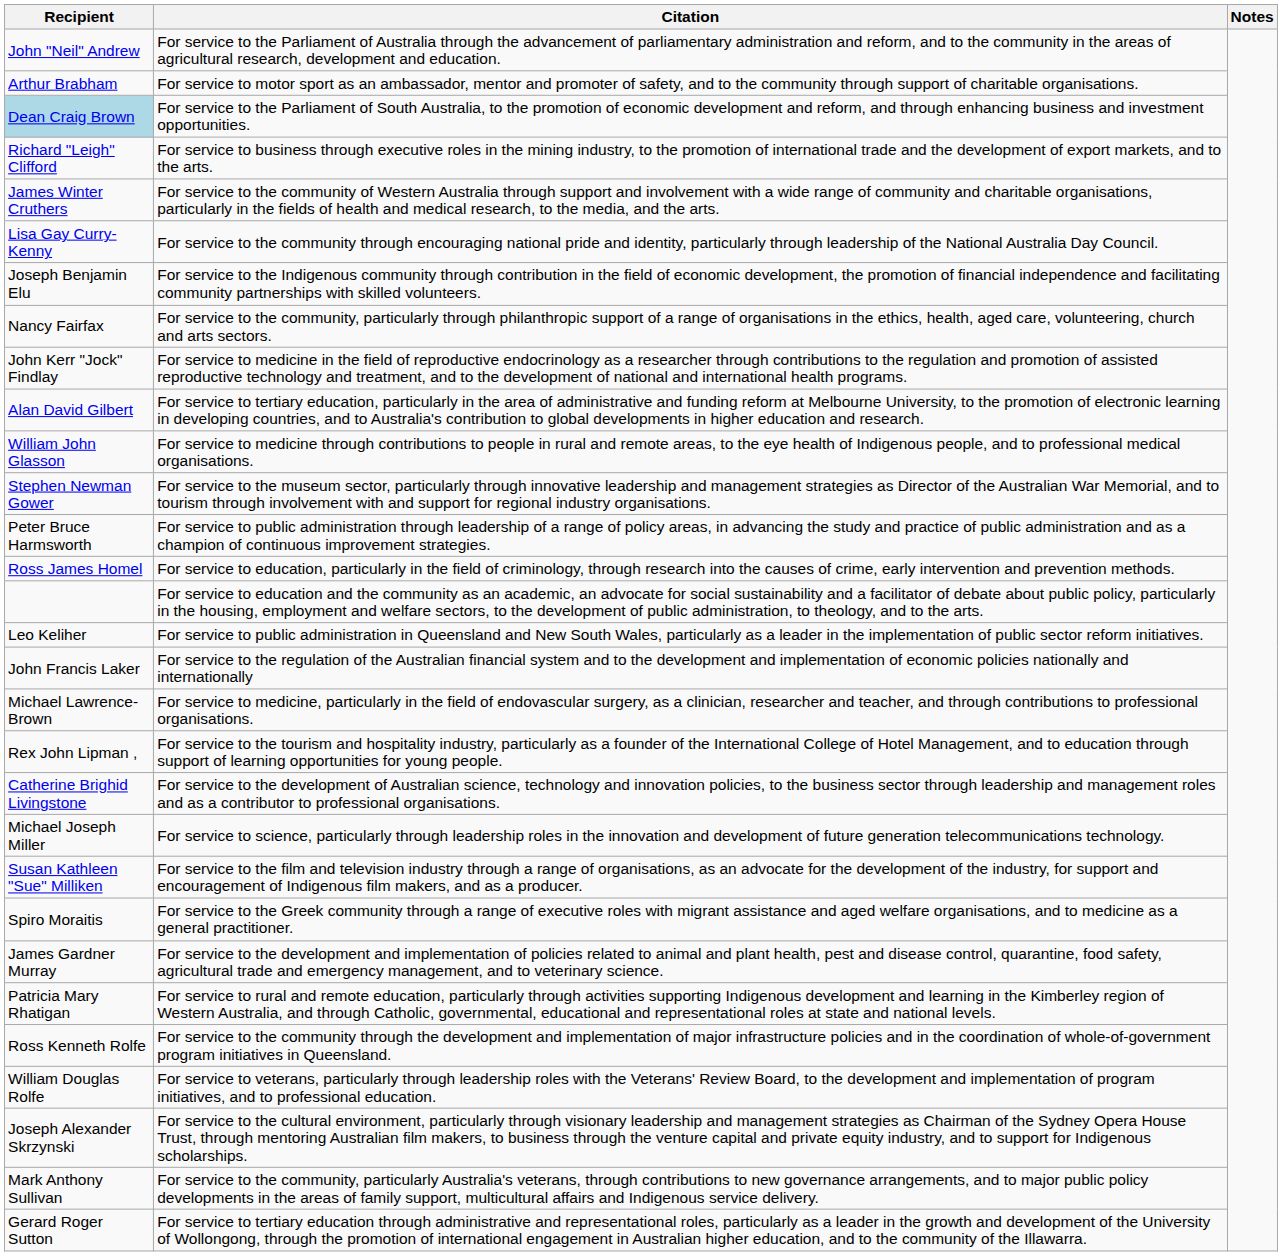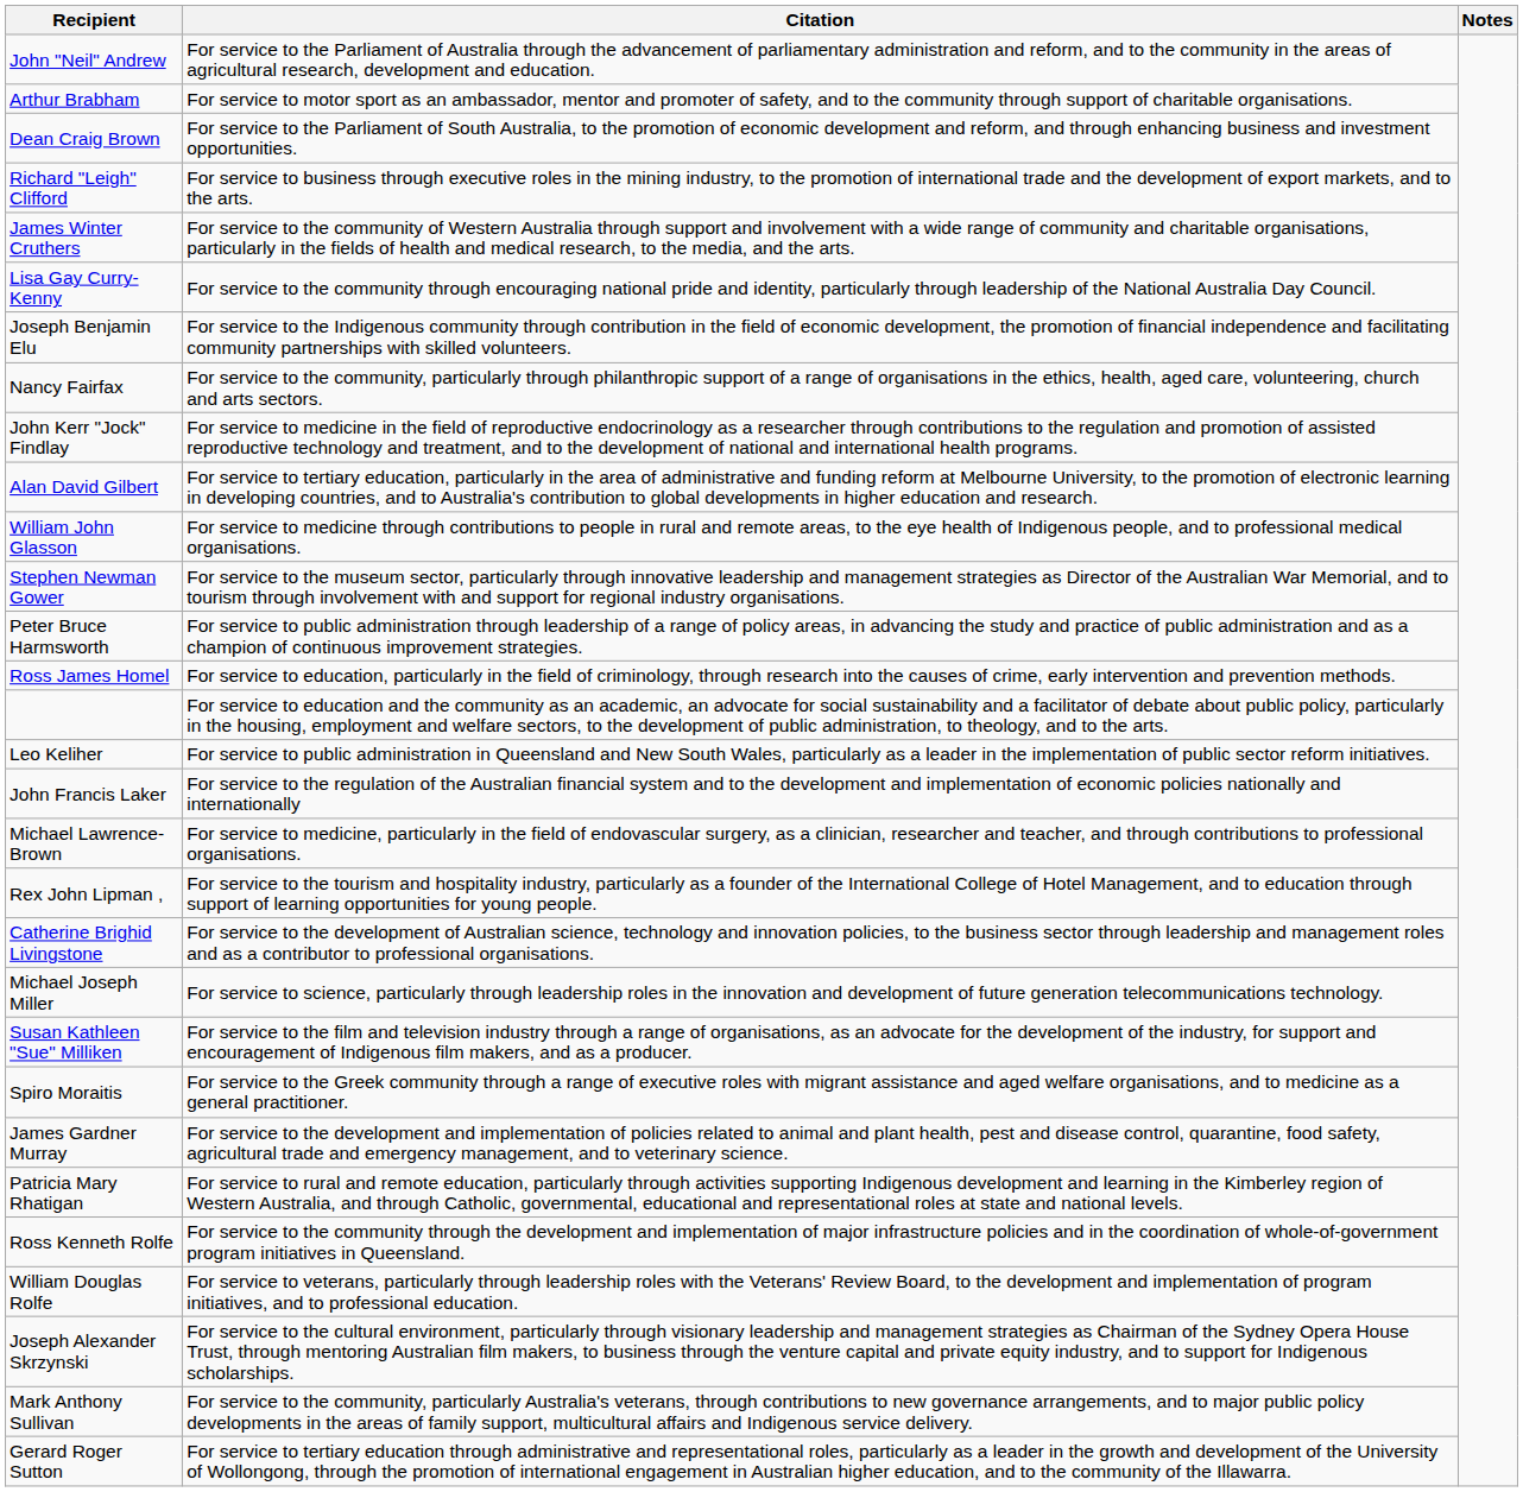 <table class="wikitable" style="font-size:95%;">
 <tr>
 <th>Recipient</th>
 <th>Citation</th>
 <th>Notes</th>
 </tr>
 <tr>
 <td> <a href='#'>John "Neil" Andrew</a></td>
 <td>For service to the Parliament of Australia through the advancement of parliamentary administration and reform, and to the community in the areas of agricultural research, development and education.</td>
 <td rowspan=30></td>
 </tr>
 <tr>
 <td> <a href='#'>Arthur Brabham</a> </td>
 <td>For service to motor sport as an ambassador, mentor and promoter of safety, and to the community through support of charitable organisations.</td>
 </tr>
 <tr>
-<td style="background: lightblue;"> <a href='#'>Dean Craig Brown</a></td>
+<td> <a href='#'>Dean Craig Brown</a></td>
 <td>For service to the Parliament of South Australia, to the promotion of economic development and reform, and through enhancing business and investment opportunities.</td>
 </tr>
 <tr>
 <td><a href='#'>Richard "Leigh" Clifford</a></td>
 <td>For service to business through executive roles in the mining industry, to the promotion of international trade and the development of export markets, and to the arts.</td>
 </tr>
 <tr>
 <td> <a href='#'>James Winter Cruthers</a></td>
 <td>For service to the community of Western Australia through support and involvement with a wide range of community and charitable organisations, particularly in the fields of health and medical research, to the media, and the arts.</td>
 </tr>
 <tr>
 <td><a href='#'>Lisa Gay Curry-Kenny</a> </td>
 <td>For service to the community through encouraging national pride and identity, particularly through leadership of the National Australia Day Council.</td>
 </tr>
 <tr>
 <td>Joseph Benjamin Elu</td>
 <td>For service to the Indigenous community through contribution in the field of economic development, the promotion of financial independence and facilitating community partnerships with skilled volunteers.</td>
 </tr>
 <tr>
 <td> Nancy Fairfax </td>
 <td>For service to the community, particularly through philanthropic support of a range of organisations in the ethics, health, aged care, volunteering, church and arts sectors.</td>
 </tr>
 <tr>
 <td> John Kerr "Jock" Findlay </td>
 <td>For service to medicine in the field of reproductive endocrinology as a researcher through contributions to the regulation and promotion of assisted reproductive technology and treatment, and to the development of national and international health programs.</td>
 </tr>
 <tr>
 <td> <a href='#'>Alan David Gilbert</a></td>
 <td>For service to tertiary education, particularly in the area of administrative and funding reform at Melbourne University, to the promotion of electronic learning in developing countries, and to Australia's contribution to global developments in higher education and research.</td>
 </tr>
 <tr>
 <td> <a href='#'>William John Glasson</a></td>
 <td>For service to medicine through contributions to people in rural and remote areas, to the eye health of Indigenous people, and to professional medical organisations.</td>
 </tr>
 <tr>
 <td> <a href='#'>Stephen Newman Gower</a> </td>
 <td>For service to the museum sector, particularly through innovative leadership and management strategies as Director of the Australian War Memorial, and to tourism through involvement with and support for regional industry organisations.</td>
 </tr>
 <tr>
 <td>Peter Bruce Harmsworth</td>
 <td>For service to public administration through leadership of a range of policy areas, in advancing the study and practice of public administration and as a champion of continuous improvement strategies.</td>
 </tr>
 <tr>
 <td> <a href='#'>Ross James Homel</a></td>
 <td>For service to education, particularly in the field of criminology, through research into the causes of crime, early intervention and prevention methods.</td>
 </tr>
 <tr>
 <td></td>
 <td>For service to education and the community as an academic, an advocate for social sustainability and a facilitator of debate about public policy, particularly in the housing, employment and welfare sectors, to the development of public administration, to theology, and to the arts.</td>
 </tr>
 <tr>
 <td> Leo Keliher</td>
 <td>For service to public administration in Queensland and New South Wales, particularly as a leader in the implementation of public sector reform initiatives.</td>
 </tr>
 <tr>
 <td> John Francis Laker</td>
 <td>For service to the regulation of the Australian financial system and to the development and implementation of economic policies nationally and internationally</td>
 </tr>
 <tr>
 <td> Michael Lawrence-Brown</td>
 <td>For service to medicine, particularly in the field of endovascular surgery, as a clinician, researcher and teacher, and through contributions to professional organisations.</td>
 </tr>
 <tr>
 <td> Rex John Lipman , </td>
 <td>For service to the tourism and hospitality industry, particularly as a founder of the International College of Hotel Management, and to education through support of learning opportunities for young people.</td>
 </tr>
 <tr>
 <td><a href='#'>Catherine Brighid Livingstone</a></td>
 <td>For service to the development of Australian science, technology and innovation policies, to the business sector through leadership and management roles and as a contributor to professional organisations.</td>
 </tr>
 <tr>
 <td> Michael Joseph Miller</td>
 <td>For service to science, particularly through leadership roles in the innovation and development of future generation telecommunications technology.</td>
 </tr>
 <tr>
 <td><a href='#'>Susan Kathleen "Sue" Milliken</a></td>
 <td>For service to the film and television industry through a range of organisations, as an advocate for the development of the industry, for support and encouragement of Indigenous film makers, and as a producer.</td>
 </tr>
 <tr>
 <td> Spiro Moraitis </td>
 <td>For service to the Greek community through a range of executive roles with migrant assistance and aged welfare organisations, and to medicine as a general practitioner.</td>
 </tr>
 <tr>
 <td> James Gardner Murray </td>
 <td>For service to the development and implementation of policies related to animal and plant health, pest and disease control, quarantine, food safety, agricultural trade and emergency management, and to veterinary science.</td>
 </tr>
 <tr>
 <td> Patricia Mary Rhatigan</td>
 <td>For service to rural and remote education, particularly through activities supporting Indigenous development and learning in the Kimberley region of Western Australia, and through Catholic, governmental, educational and representational roles at state and national levels.</td>
 </tr>
 <tr>
 <td>Ross Kenneth Rolfe</td>
 <td>For service to the community through the development and implementation of major infrastructure policies and in the coordination of whole-of-government program initiatives in Queensland.</td>
 </tr>
 <tr>
 <td> William Douglas Rolfe </td>
 <td>For service to veterans, particularly through leadership roles with the Veterans' Review Board, to the development and implementation of program initiatives, and to professional education.</td>
 </tr>
 <tr>
 <td>Joseph Alexander Skrzynski </td>
 <td>For service to the cultural environment, particularly through visionary leadership and management strategies as Chairman of the Sydney Opera House Trust, through mentoring Australian film makers, to business through the venture capital and private equity industry, and to support for Indigenous scholarships.</td>
 </tr>
 <tr>
 <td>Mark Anthony Sullivan</td>
 <td>For service to the community, particularly Australia's veterans, through contributions to new governance arrangements, and to major public policy developments in the areas of family support, multicultural affairs and Indigenous service delivery.</td>
 </tr>
 <tr>
 <td> Gerard Roger Sutton</td>
 <td>For service to tertiary education through administrative and representational roles, particularly as a leader in the growth and development of the University of Wollongong, through the promotion of international engagement in Australian higher education, and to the community of the Illawarra.</td>
 </tr>
 </table>
